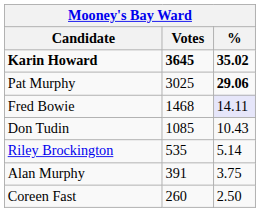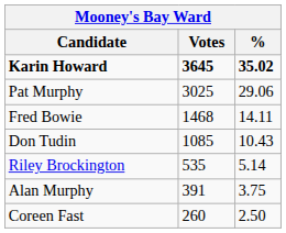 <table class="wikitable">
 <tr>
 <th colspan="3"><a href='#'>Mooney's Bay Ward</a></th>
 </tr>
 <tr style="background:#e9e9e9;">
 <th style="width: 170px">Candidate</th>
 <th style="width: 50px">Votes</th>
 <th style="width: 40px">%</th>
 </tr>
 <tr>
 <td><strong>Karin Howard</strong></td>
 <td><strong>3645</strong></td>
 <td><strong>35.02</strong></td>
 </tr>
 <tr>
 <td>Pat Murphy</td>
 <td>3025</td>
-<td><strong>29.06</strong></td>
+<td>29.06</td>
 </tr>
 <tr>
 <td>Fred Bowie</td>
 <td>1468</td>
-<td style="background: lavender;">14.11</td>
+<td>14.11</td>
 </tr>
 <tr>
 <td>Don Tudin</td>
 <td>1085</td>
 <td>10.43</td>
 </tr>
 <tr>
 <td><a href='#'>Riley Brockington</a></td>
 <td>535</td>
 <td>5.14</td>
 </tr>
 <tr>
 <td>Alan Murphy</td>
 <td>391</td>
 <td>3.75</td>
 </tr>
 <tr>
 <td>Coreen Fast</td>
 <td>260</td>
 <td>2.50</td>
 </tr>
 </table>
